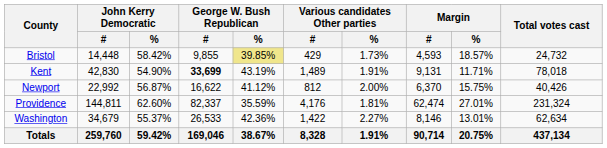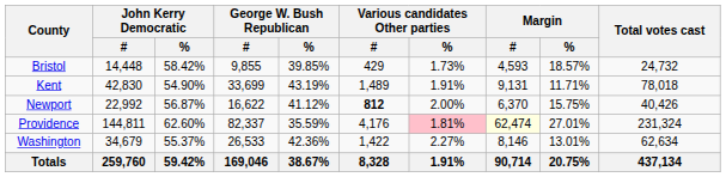 <table width="60%"  class="wikitable sortable" style="text-align:center">
 <tr>
 <th style="text-align:center;" rowspan="2">County</th>
 <th style="text-align:center;" colspan="2">John Kerry<br>Democratic</th>
 <th style="text-align:center;" colspan="2">George W. Bush<br>Republican</th>
 <th style="text-align:center;" colspan="2">Various candidates<br>Other parties</th>
 <th style="text-align:center;" colspan="2">Margin</th>
 <th style="text-align:center;" rowspan="2">Total votes cast</th>
 </tr>
 <tr>
 <th style="text-align:center;" data-sort-type="number">#</th>
 <th style="text-align:center;" data-sort-type="number">%</th>
 <th style="text-align:center;" data-sort-type="number">#</th>
 <th style="text-align:center;" data-sort-type="number">%</th>
 <th style="text-align:center;" data-sort-type="number">#</th>
 <th style="text-align:center;" data-sort-type="number">%</th>
 <th style="text-align:center;" data-sort-type="number">#</th>
 <th style="text-align:center;" data-sort-type="number">%</th>
 </tr>
 <tr style="text-align:center;">
 <td><a href='#'>Bristol</a></td>
 <td>14,448</td>
 <td>58.42%</td>
 <td>9,855</td>
-<td style="background: khaki;">39.85%</td>
+<td>39.85%</td>
 <td>429</td>
 <td>1.73%</td>
 <td>4,593</td>
 <td>18.57%</td>
 <td>24,732</td>
 </tr>
 <tr style="text-align:center;">
 <td><a href='#'>Kent</a></td>
 <td>42,830</td>
 <td>54.90%</td>
-<td><strong>33,699</strong></td>
+<td>33,699</td>
 <td>43.19%</td>
 <td>1,489</td>
 <td>1.91%</td>
 <td>9,131</td>
 <td>11.71%</td>
 <td>78,018</td>
 </tr>
 <tr style="text-align:center;">
 <td><a href='#'>Newport</a></td>
 <td>22,992</td>
 <td>56.87%</td>
 <td>16,622</td>
 <td>41.12%</td>
-<td>812</td>
+<td><strong>812</strong></td>
 <td>2.00%</td>
 <td>6,370</td>
 <td>15.75%</td>
 <td>40,426</td>
 </tr>
 <tr style="text-align:center;">
 <td><a href='#'>Providence</a></td>
 <td>144,811</td>
 <td>62.60%</td>
 <td>82,337</td>
 <td>35.59%</td>
 <td>4,176</td>
-<td>1.81%</td>
-<td>62,474</td>
+<td style="background: pink;">1.81%</td>
+<td style="background: lightyellow;">62,474</td>
 <td>27.01%</td>
 <td>231,324</td>
 </tr>
 <tr style="text-align:center;">
 <td><a href='#'>Washington</a></td>
 <td>34,679</td>
 <td>55.37%</td>
 <td>26,533</td>
 <td>42.36%</td>
 <td>1,422</td>
 <td>2.27%</td>
 <td>8,146</td>
 <td>13.01%</td>
 <td>62,634</td>
 </tr>
 <tr>
 <th>Totals</th>
 <th>259,760</th>
 <th>59.42%</th>
 <th>169,046</th>
 <th>38.67%</th>
 <th>8,328</th>
 <th>1.91%</th>
 <th>90,714</th>
 <th>20.75%</th>
 <th>437,134</th>
 </tr>
 </table>
